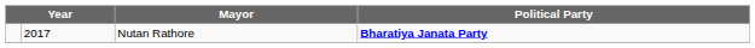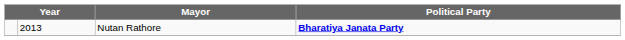 <table class="wikitable" width=80%>
 <tr>
 <th style="background-color:#666666; color:white" colspan="2">Year</th>
 <th style="background-color:#666666; color:white">Mayor</th>
 <th style="background-color:#666666; color:white">Political Party</th>
 </tr>
 <tr>
 <td style="background-color: "></td>
-<td>2017</td>
+<td>2013</td>
 <td>Nutan Rathore</td>
 <td><strong><a href='#'>Bharatiya Janata Party</a></strong></td>
 </tr>
 <tr>
 </tr>
 </table>
